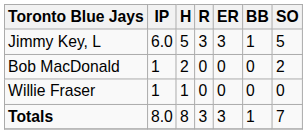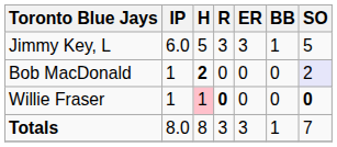 <table class="wikitable sortable">
 <tr>
 <th><strong>Toronto Blue Jays</strong></th>
 <th>IP</th>
 <th>H</th>
 <th>R</th>
 <th>ER</th>
 <th>BB</th>
 <th>SO</th>
 </tr>
 <tr>
 <td>Jimmy Key, L</td>
 <td>6.0</td>
 <td>5</td>
 <td>3</td>
 <td>3</td>
 <td>1</td>
 <td>5</td>
 </tr>
 <tr>
 <td>Bob MacDonald</td>
 <td>1</td>
-<td>2</td>
+<td><strong>2</strong></td>
 <td>0</td>
 <td>0</td>
 <td>0</td>
-<td>2</td>
+<td style="background: lavender;">2</td>
 </tr>
 <tr>
 <td>Willie Fraser</td>
 <td>1</td>
-<td>1</td>
+<td style="background: pink;">1</td>
+<td><strong>0</strong></td>
 <td>0</td>
 <td>0</td>
-<td>0</td>
-<td>0</td>
+<td><strong>0</strong></td>
 </tr>
 <tr>
 <td><strong>Totals</strong></td>
 <td>8.0</td>
 <td>8</td>
 <td>3</td>
 <td>3</td>
 <td>1</td>
 <td>7</td>
 </tr>
 <tr>
 </tr>
 </table>
